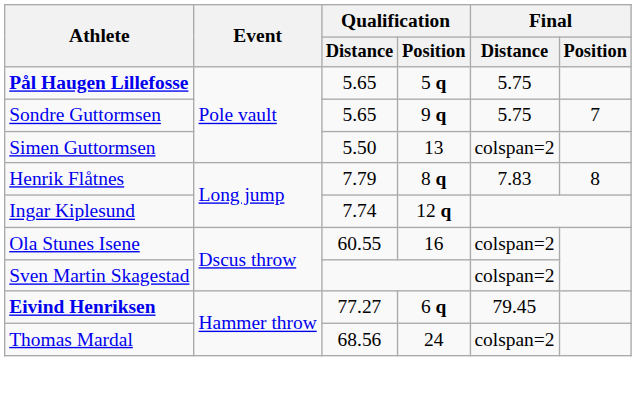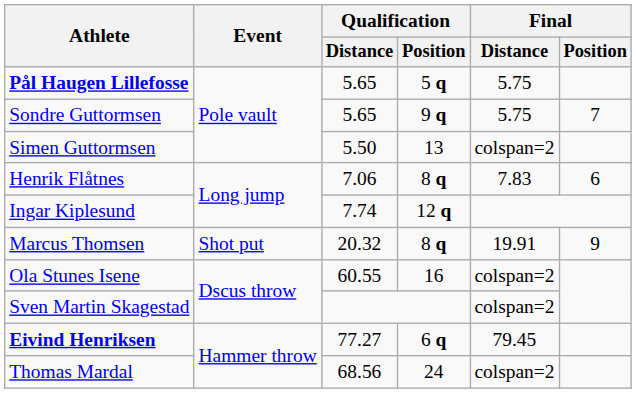 <table class="wikitable" style="font-size:90%">
 <tr>
 <th rowspan="2">Athlete</th>
 <th rowspan="2">Event</th>
 <th colspan="2">Qualification</th>
 <th colspan="2">Final</th>
 </tr>
 <tr style="font-size:95%">
 <th>Distance</th>
 <th>Position</th>
 <th>Distance</th>
 <th>Position</th>
 </tr>
 <tr align="center">
 <td align="left"><strong><a href='#'>Pål Haugen Lillefosse</a></strong></td>
 <td rowspan="3" align="left"><a href='#'>Pole vault</a></td>
 <td>5.65</td>
 <td>5 <strong>q</strong></td>
 <td>5.75</td>
 <td></td>
 </tr>
 <tr align="center">
 <td align="left"><a href='#'>Sondre Guttormsen</a></td>
 <td>5.65</td>
 <td>9 <strong>q</strong></td>
 <td>5.75</td>
 <td>7</td>
 </tr>
 <tr align="center">
 <td align="left"><a href='#'>Simen Guttormsen</a></td>
 <td>5.50</td>
 <td>13</td>
 <td>colspan=2 </td>
 </tr>
 <tr align="center">
 <td align="left"><a href='#'>Henrik Flåtnes</a></td>
 <td align="left" rowspan=2><a href='#'>Long jump</a></td>
-<td>7.79</td>
+<td>7.06</td>
 <td>8 <strong>q</strong></td>
 <td>7.83</td>
-<td>8</td>
+<td>6</td>
 </tr>
 <tr align="center">
 <td align="left"><a href='#'>Ingar Kiplesund</a></td>
 <td>7.74</td>
 <td>12 <strong>q</strong></td>
 <td colspan=2></td>
+</tr>
+<tr align="center">
+<td align="left"><a href='#'>Marcus Thomsen</a></td>
+<td align="left"><a href='#'>Shot put</a></td>
+<td>20.32</td>
+<td>8 <strong>q</strong></td>
+<td>19.91</td>
+<td>9</td>
 </tr>
 <tr align="center">
 <td align="left"><a href='#'>Ola Stunes Isene</a></td>
 <td align="left" rowspan=2><a href='#'>Dscus throw</a></td>
 <td>60.55</td>
 <td>16</td>
 <td>colspan=2 </td>
 </tr>
 <tr align="center">
 <td align="left"><a href='#'>Sven Martin Skagestad</a></td>
 <td colspan=2></td>
 <td>colspan=2 </td>
 </tr>
 <tr align="center">
 <td align="left"><strong><a href='#'>Eivind Henriksen</a></strong></td>
 <td rowspan="2" align="left"><a href='#'>Hammer throw</a></td>
 <td>77.27</td>
 <td>6 <strong>q</strong></td>
 <td>79.45</td>
 <td></td>
 </tr>
 <tr align="center">
 <td align="left"><a href='#'>Thomas Mardal</a></td>
 <td>68.56</td>
 <td>24</td>
 <td>colspan=2 </td>
 </tr>
 </table>
